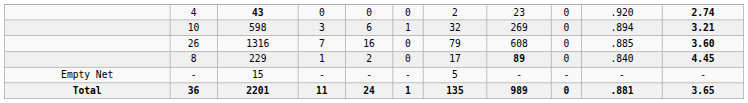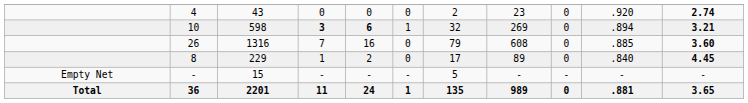 <table class="wikitable sortable" width ="1000">
 <tr align="center">
 </tr>
 <tr align="center" bgcolor="">
 <td></td>
 <td>4</td>
-<td><strong>43</strong></td>
+<td>43</td>
 <td>0</td>
 <td>0</td>
 <td>0</td>
 <td>2</td>
 <td>23</td>
 <td>0</td>
 <td>.920</td>
 <td><strong>2.74</strong></td>
 </tr>
 <tr align="center" bgcolor="f0f0f0">
 <td></td>
 <td>10</td>
 <td>598</td>
-<td>3</td>
-<td>6</td>
+<td><strong>3</strong></td>
+<td><strong>6</strong></td>
 <td>1</td>
 <td>32</td>
 <td>269</td>
 <td>0</td>
 <td>.894</td>
 <td><strong>3.21</strong></td>
 </tr>
 <tr align="center" bgcolor="">
 <td></td>
 <td>26</td>
 <td>1316</td>
 <td>7</td>
 <td>16</td>
 <td>0</td>
 <td>79</td>
 <td>608</td>
 <td>0</td>
 <td>.885</td>
 <td><strong>3.60</strong></td>
 </tr>
 <tr align="center" bgcolor="f0f0f0">
 <td></td>
 <td>8</td>
 <td>229</td>
 <td>1</td>
 <td>2</td>
 <td>0</td>
 <td>17</td>
-<td><strong>89</strong></td>
+<td>89</td>
 <td>0</td>
 <td>.840</td>
 <td><strong>4.45</strong></td>
 </tr>
 <tr align="center" bgcolor="">
 <td>Empty Net</td>
 <td>-</td>
 <td>15</td>
 <td>-</td>
 <td>-</td>
 <td>-</td>
 <td>5</td>
 <td>-</td>
 <td>-</td>
 <td>-</td>
 <td>-</td>
 </tr>
 <tr>
 <th>Total</th>
 <th>36</th>
 <th>2201</th>
 <th>11</th>
 <th>24</th>
 <th>1</th>
 <th>135</th>
 <th>989</th>
 <th>0</th>
 <th>.881</th>
 <th>3.65</th>
 </tr>
 </table>
